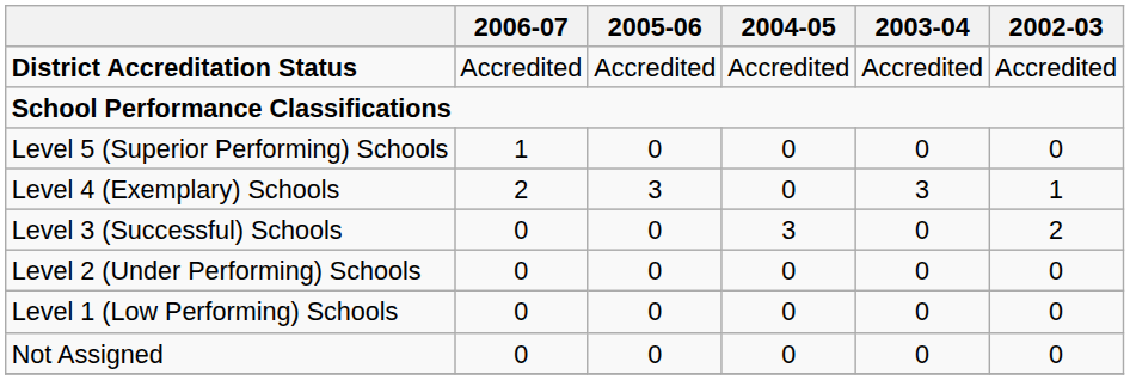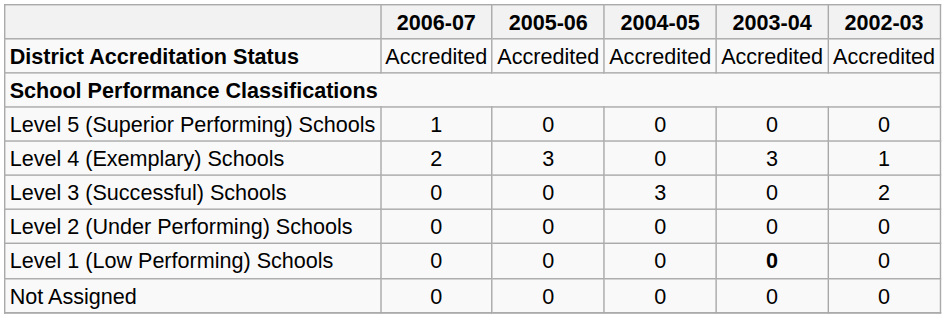 <table class="wikitable" style="font-size: 95%;">
 <tr>
 <th></th>
 <th>2006-07</th>
 <th>2005-06</th>
 <th>2004-05</th>
 <th>2003-04</th>
 <th>2002-03</th>
 </tr>
 <tr>
 <td align="left"><strong>District Accreditation Status</strong></td>
 <td align="center">Accredited</td>
 <td align="center">Accredited</td>
 <td align="center">Accredited</td>
 <td align="center">Accredited</td>
 <td align="center">Accredited</td>
 </tr>
 <tr>
 <td align="left" colspan="6"><strong>School Performance Classifications</strong></td>
 </tr>
 <tr>
 <td align="left">Level 5 (Superior Performing) Schools</td>
 <td align="center">1</td>
 <td align="center">0</td>
 <td align="center">0</td>
 <td align="center">0</td>
 <td align="center">0</td>
 </tr>
 <tr>
 <td align="left">Level 4 (Exemplary) Schools</td>
 <td align="center">2</td>
 <td align="center">3</td>
 <td align="center">0</td>
 <td align="center">3</td>
 <td align="center">1</td>
 </tr>
 <tr>
 <td align="left">Level 3 (Successful) Schools</td>
 <td align="center">0</td>
 <td align="center">0</td>
 <td align="center">3</td>
 <td align="center">0</td>
 <td align="center">2</td>
 </tr>
 <tr>
 <td align="left">Level 2 (Under Performing) Schools</td>
 <td align="center">0</td>
 <td align="center">0</td>
 <td align="center">0</td>
 <td align="center">0</td>
 <td align="center">0</td>
 </tr>
 <tr>
 <td align="left">Level 1 (Low Performing) Schools</td>
 <td align="center">0</td>
 <td align="center">0</td>
 <td align="center">0</td>
-<td align="center">0</td>
+<td align="center"><strong>0</strong></td>
 <td align="center">0</td>
 </tr>
 <tr>
 <td align="left">Not Assigned</td>
 <td align="center">0</td>
 <td align="center">0</td>
 <td align="center">0</td>
 <td align="center">0</td>
 <td align="center">0</td>
 </tr>
 <tr>
 </tr>
 </table>
